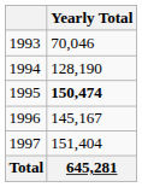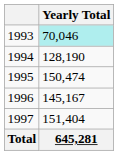 <table class="wikitable">
 <tr>
 <th></th>
 <th>Yearly Total</th>
 </tr>
 <tr>
 <td>1993</td>
-<td>70,046</td>
+<td style="background: paleturquoise;">70,046</td>
 </tr>
 <tr>
 <td>1994</td>
 <td>128,190</td>
 </tr>
 <tr>
 <td>1995</td>
-<td><strong>150,474</strong></td>
+<td>150,474</td>
 </tr>
 <tr>
 <td>1996</td>
 <td>145,167</td>
 </tr>
 <tr>
 <td>1997</td>
 <td>151,404</td>
 </tr>
 <tr>
 <th>Total</th>
 <th><u>645,281</u></th>
 </tr>
 </table>
